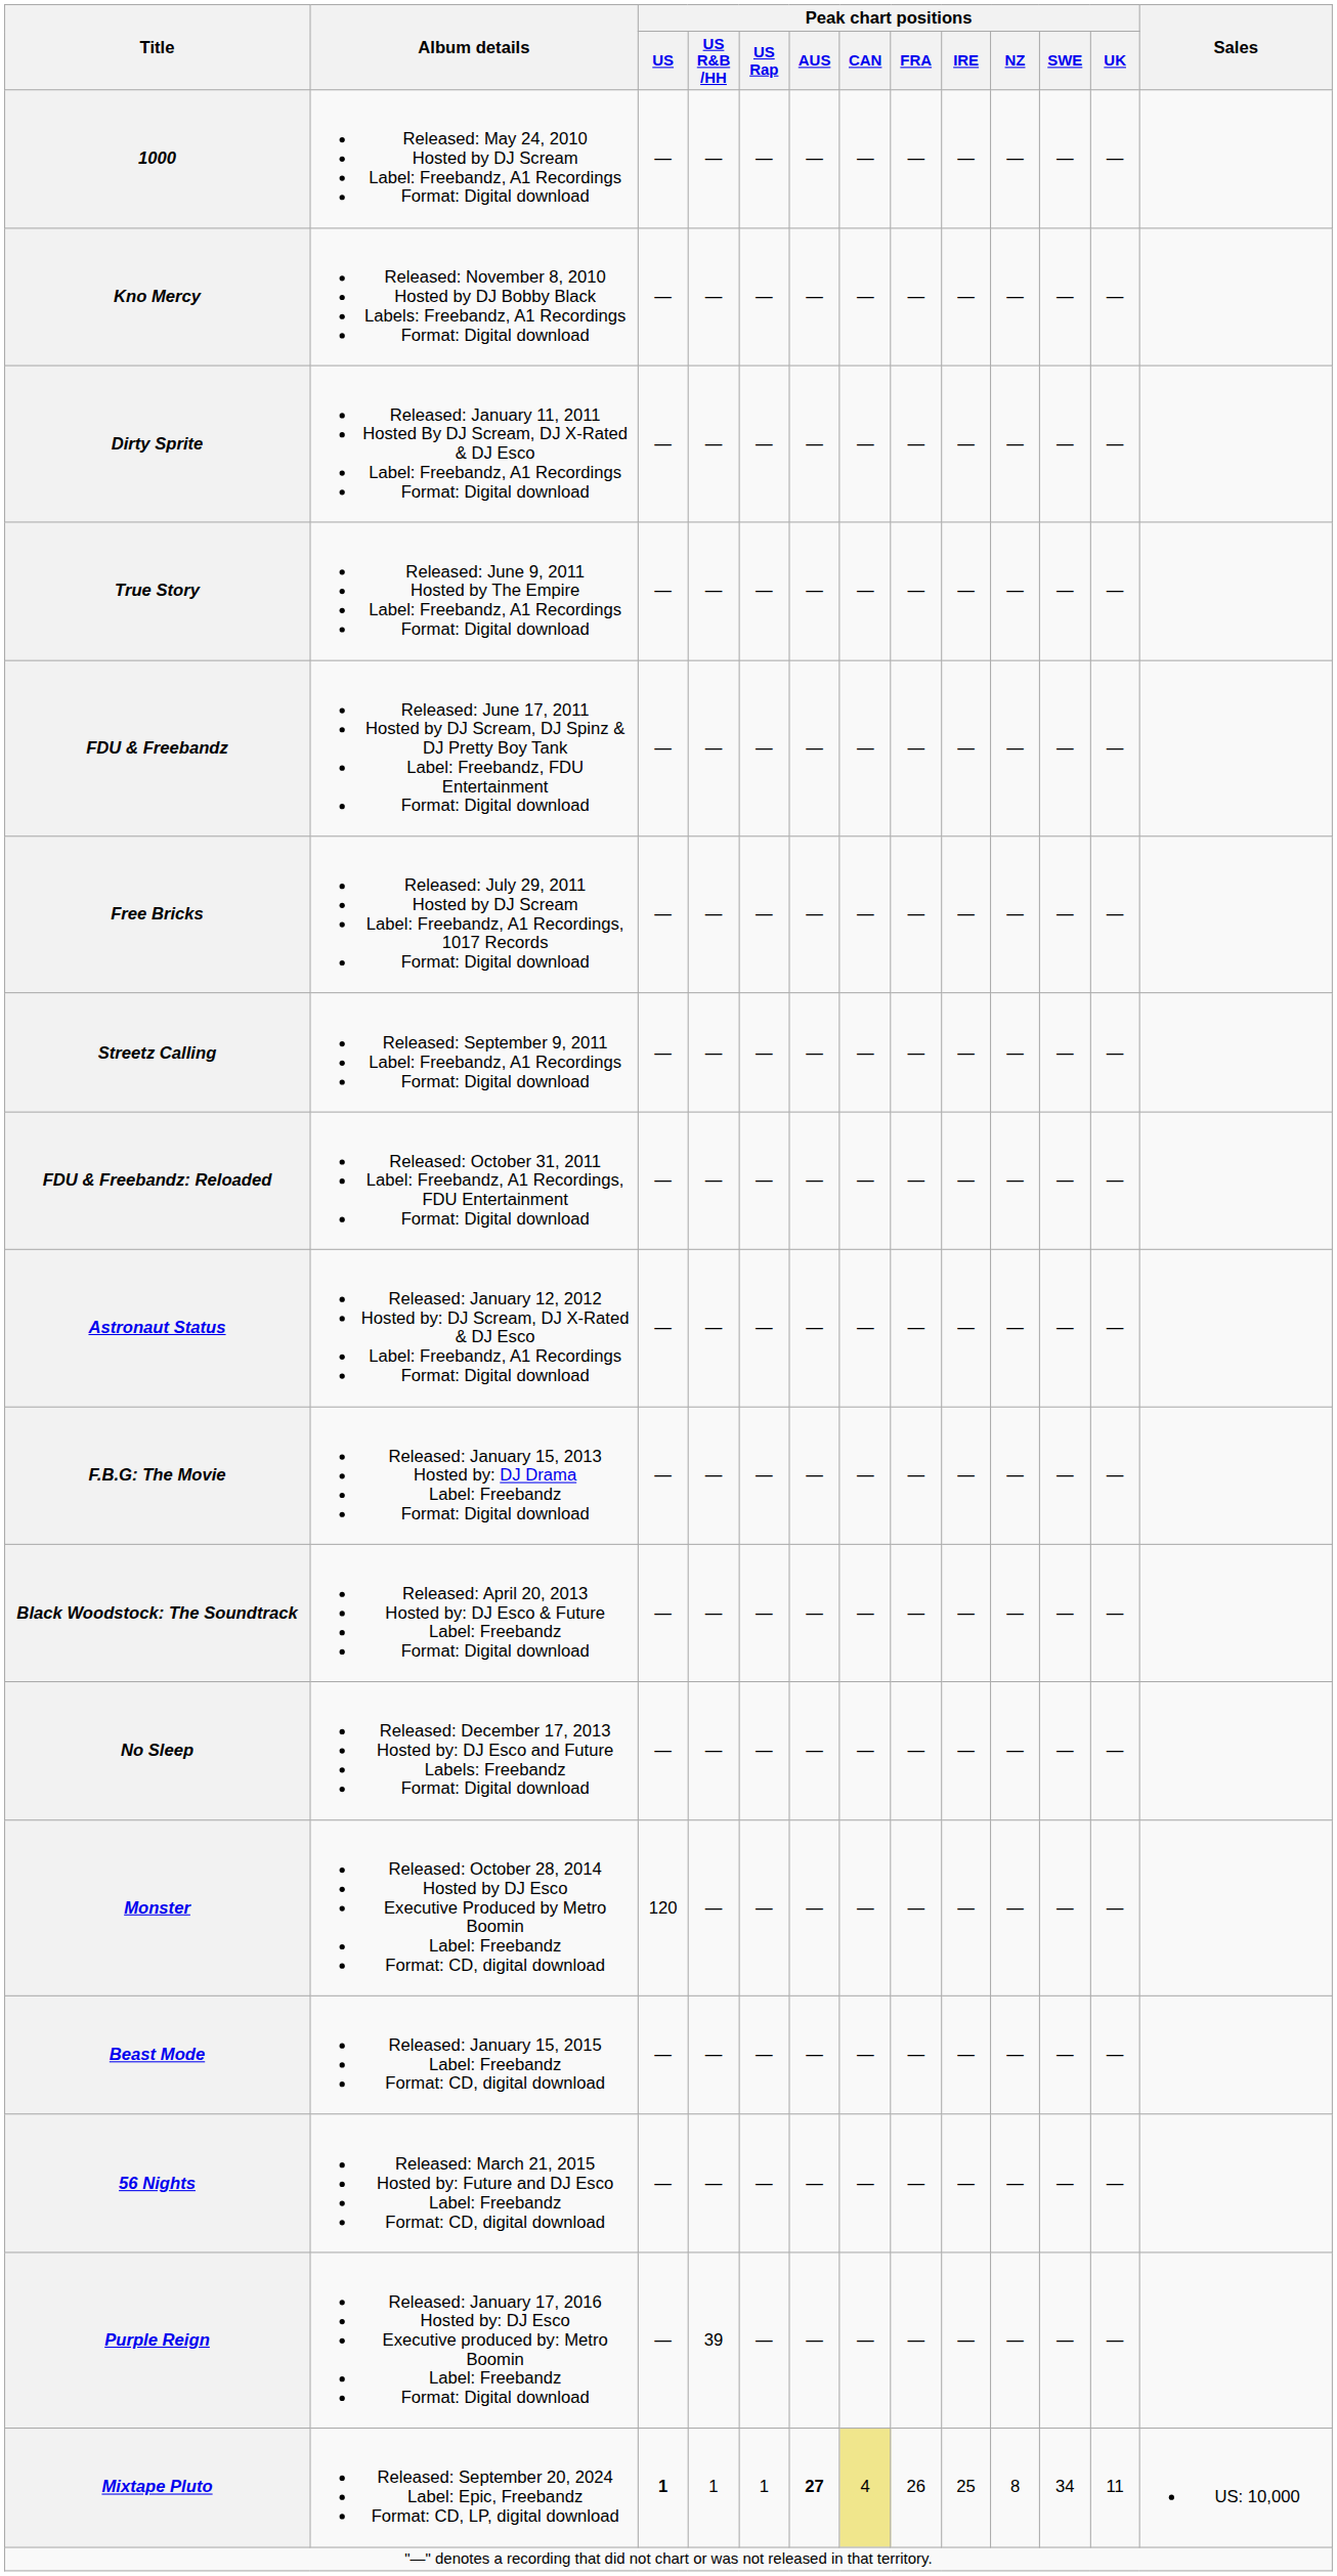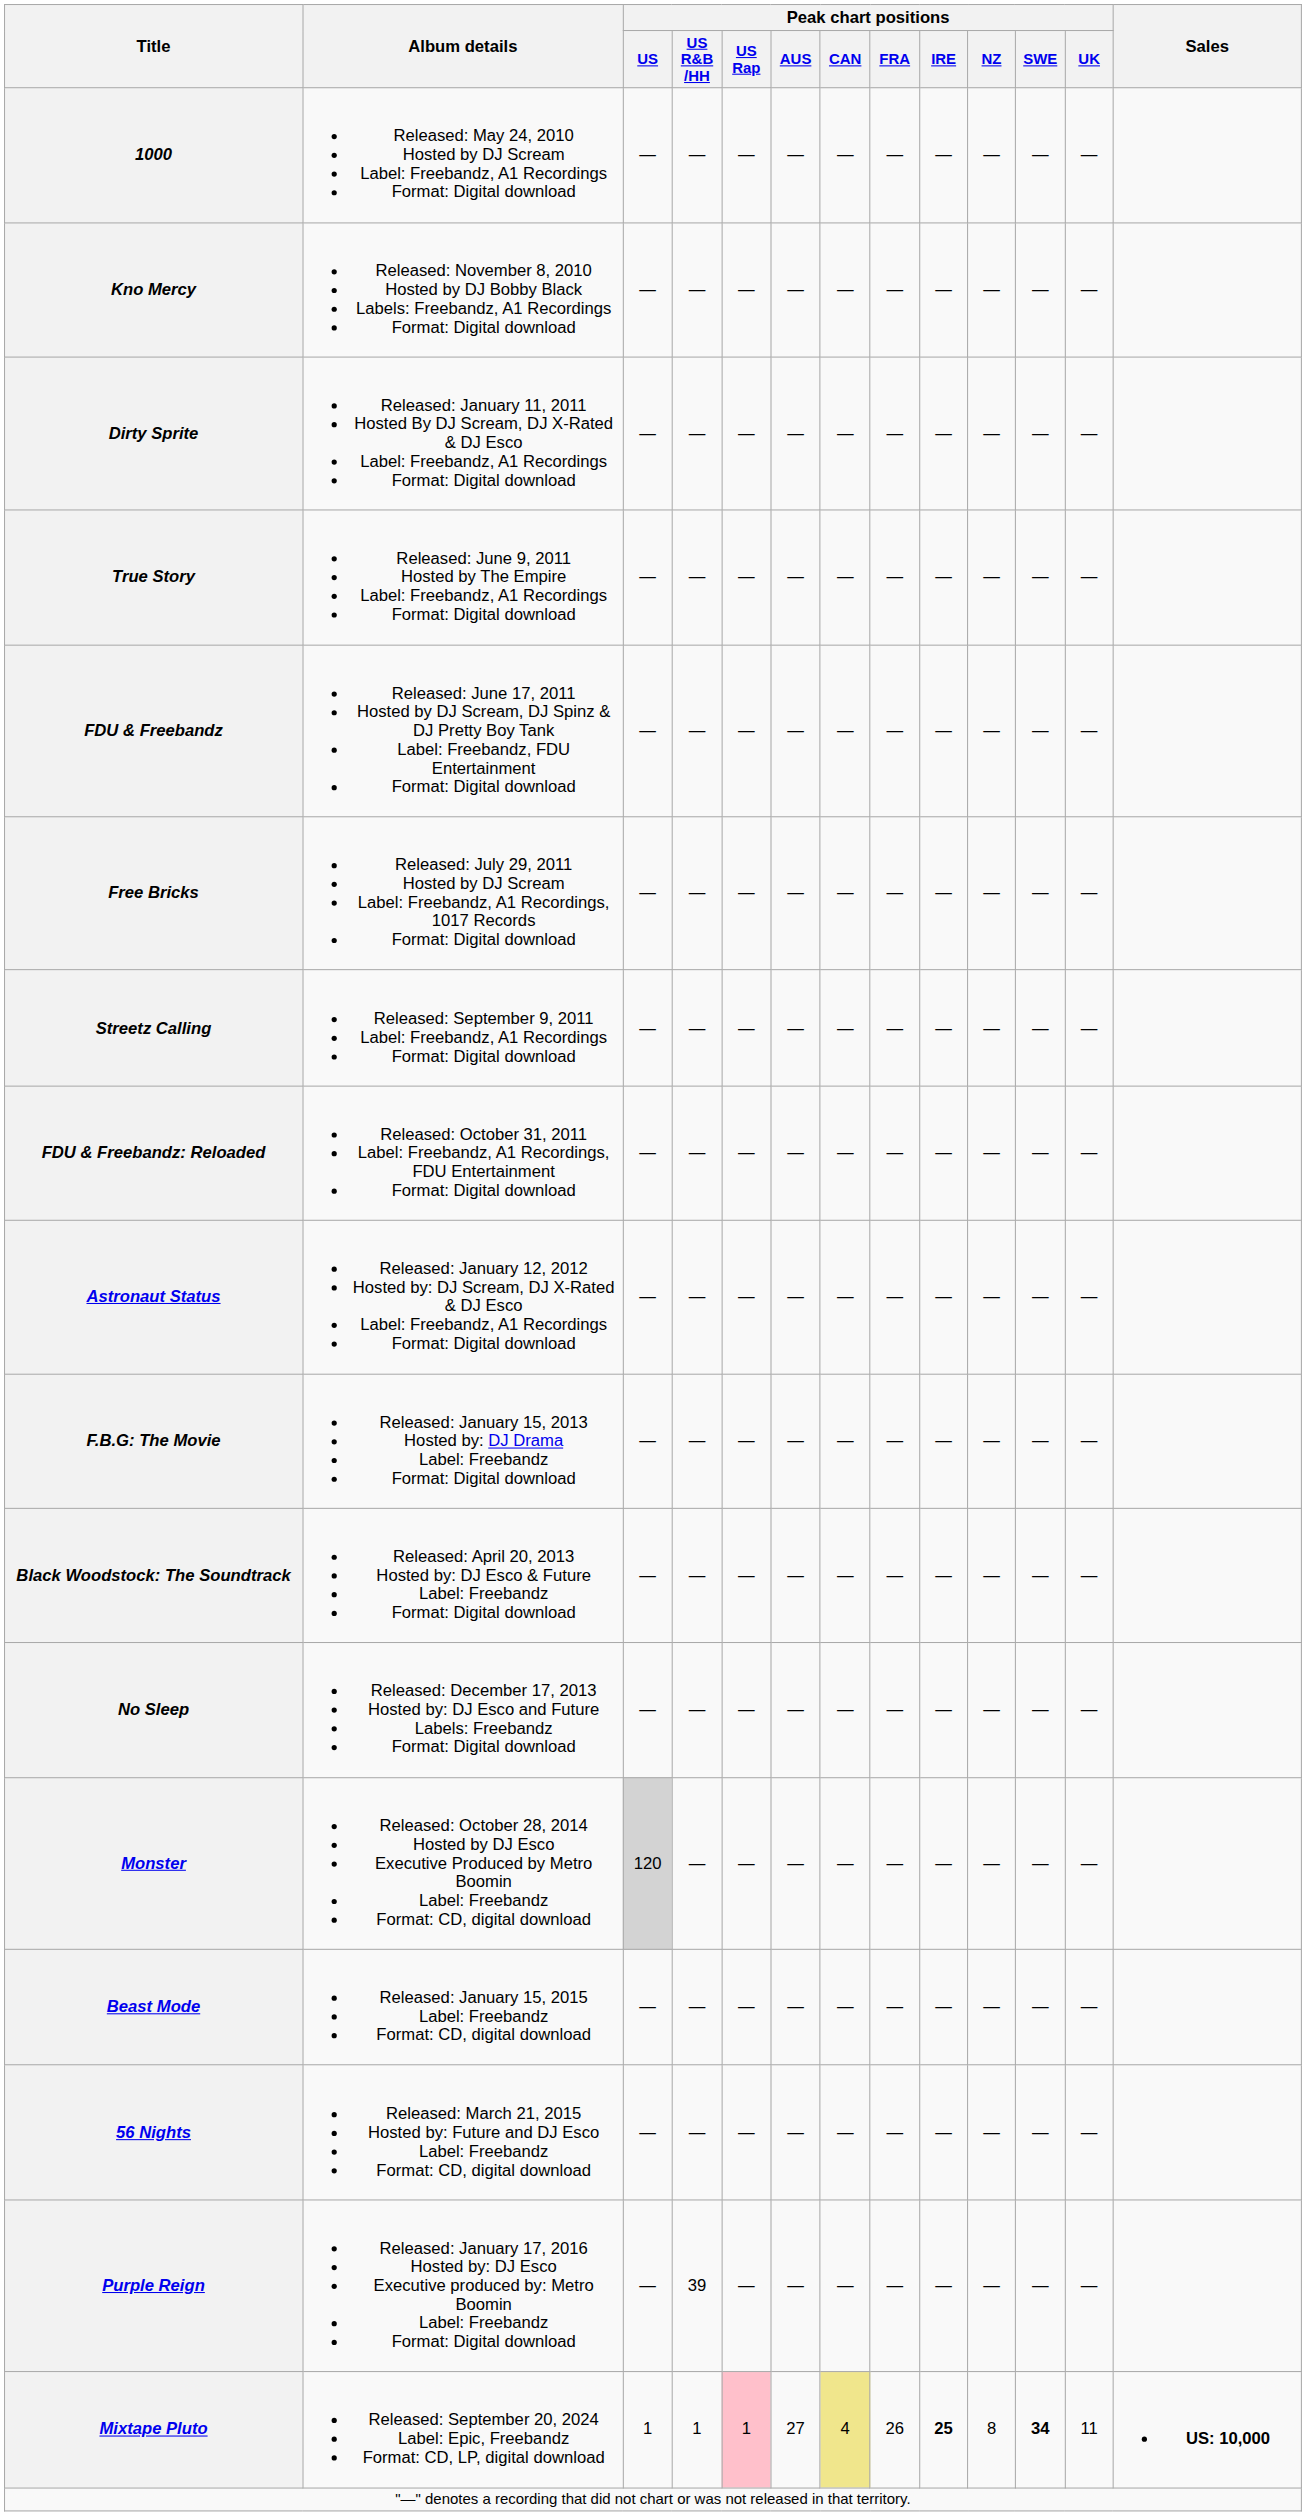 <table class="wikitable plainrowheaders" style="text-align:center;">
 <tr>
 <th scope="col" rowspan="2" style="width:20em;">Title</th>
 <th scope="col" rowspan="2" style="width:21em;">Album details</th>
 <th scope="col" colspan="10">Peak chart positions</th>
 <th scope="col" rowspan="2" style="width:12em;">Sales</th>
 </tr>
 <tr>
 <th scope="col" style="width:3em;font-size:90%;"><a href='#'>US</a><br></th>
 <th scope="col" style="width:3em;font-size:90%;"><a href='#'>US<br>R&B<br>/HH</a><br></th>
 <th scope="col" style="width:3em;font-size:90%;"><a href='#'>US<br>Rap</a><br></th>
 <th scope="col" style="width:3em;font-size:90%;"><a href='#'>AUS</a><br></th>
 <th scope="col" style="width:3em;font-size:90%;"><a href='#'>CAN</a><br></th>
 <th scope="col" style="width:3em;font-size:90%;"><a href='#'>FRA</a><br></th>
 <th scope="col" style="width:3em;font-size:90%;"><a href='#'>IRE</a><br></th>
 <th scope="col" style="width:3em;font-size:90%;"><a href='#'>NZ</a><br></th>
 <th scope="col" style="width:3em;font-size:90%;"><a href='#'>SWE</a><br></th>
 <th scope="col" style="width:3em;font-size:90%;"><a href='#'>UK</a><br></th>
 </tr>
 <tr>
 <th scope="row"><em>1000</em></th>
 <td><br><ul><li>Released: May 24, 2010</li><li>Hosted by DJ Scream</li><li>Label: Freebandz, A1 Recordings</li><li>Format: Digital download</li></ul></td>
 <td>—</td>
 <td>—</td>
 <td>—</td>
 <td>—</td>
 <td>—</td>
 <td>—</td>
 <td>—</td>
 <td>—</td>
 <td>—</td>
 <td>—</td>
 <td></td>
 </tr>
 <tr>
 <th scope="row"><em>Kno Mercy</em></th>
 <td><br><ul><li>Released: November 8, 2010</li><li>Hosted by DJ Bobby Black</li><li>Labels: Freebandz, A1 Recordings</li><li>Format: Digital download</li></ul></td>
 <td>—</td>
 <td>—</td>
 <td>—</td>
 <td>—</td>
 <td>—</td>
 <td>—</td>
 <td>—</td>
 <td>—</td>
 <td>—</td>
 <td>—</td>
 <td></td>
 </tr>
 <tr>
 <th scope="row"><em>Dirty Sprite</em></th>
 <td><br><ul><li>Released: January 11, 2011</li><li>Hosted By DJ Scream, DJ X-Rated & DJ Esco</li><li>Label: Freebandz, A1 Recordings</li><li>Format: Digital download</li></ul></td>
 <td>—</td>
 <td>—</td>
 <td>—</td>
 <td>—</td>
 <td>—</td>
 <td>—</td>
 <td>—</td>
 <td>—</td>
 <td>—</td>
 <td>—</td>
 <td></td>
 </tr>
 <tr>
 <th scope="row"><em>True Story</em></th>
 <td><br><ul><li>Released: June 9, 2011</li><li>Hosted by The Empire</li><li>Label: Freebandz, A1 Recordings</li><li>Format: Digital download</li></ul></td>
 <td>—</td>
 <td>—</td>
 <td>—</td>
 <td>—</td>
 <td>—</td>
 <td>—</td>
 <td>—</td>
 <td>—</td>
 <td>—</td>
 <td>—</td>
 <td></td>
 </tr>
 <tr>
 <th scope="row"><em>FDU & Freebandz</em><br></th>
 <td><br><ul><li>Released: June 17, 2011</li><li>Hosted by DJ Scream, DJ Spinz & DJ Pretty Boy Tank</li><li>Label: Freebandz, FDU Entertainment</li><li>Format: Digital download</li></ul></td>
 <td>—</td>
 <td>—</td>
 <td>—</td>
 <td>—</td>
 <td>—</td>
 <td>—</td>
 <td>—</td>
 <td>—</td>
 <td>—</td>
 <td>—</td>
 <td></td>
 </tr>
 <tr>
 <th scope="row"><em>Free Bricks</em><br></th>
 <td><br><ul><li>Released: July 29, 2011</li><li>Hosted by DJ Scream</li><li>Label: Freebandz, A1 Recordings, 1017 Records</li><li>Format: Digital download</li></ul></td>
 <td>—</td>
 <td>—</td>
 <td>—</td>
 <td>—</td>
 <td>—</td>
 <td>—</td>
 <td>—</td>
 <td>—</td>
 <td>—</td>
 <td>—</td>
 <td></td>
 </tr>
 <tr>
 <th scope="row"><em>Streetz Calling</em></th>
 <td><br><ul><li>Released: September 9, 2011</li><li>Label: Freebandz, A1 Recordings</li><li>Format: Digital download</li></ul></td>
 <td>—</td>
 <td>—</td>
 <td>—</td>
 <td>—</td>
 <td>—</td>
 <td>—</td>
 <td>—</td>
 <td>—</td>
 <td>—</td>
 <td>—</td>
 <td></td>
 </tr>
 <tr>
 <th scope="row"><em>FDU & Freebandz: Reloaded</em><br></th>
 <td><br><ul><li>Released: October 31, 2011</li><li>Label: Freebandz, A1 Recordings, FDU Entertainment</li><li>Format: Digital download</li></ul></td>
 <td>—</td>
 <td>—</td>
 <td>—</td>
 <td>—</td>
 <td>—</td>
 <td>—</td>
 <td>—</td>
 <td>—</td>
 <td>—</td>
 <td>—</td>
 <td></td>
 </tr>
 <tr>
 <th scope="row"><em><a href='#'>Astronaut Status</a></em></th>
 <td><br><ul><li>Released: January 12, 2012</li><li>Hosted by: DJ Scream, DJ X-Rated & DJ Esco</li><li>Label: Freebandz, A1 Recordings</li><li>Format: Digital download</li></ul></td>
 <td>—</td>
 <td>—</td>
 <td>—</td>
 <td>—</td>
 <td>—</td>
 <td>—</td>
 <td>—</td>
 <td>—</td>
 <td>—</td>
 <td>—</td>
 <td></td>
 </tr>
 <tr>
 <th scope="row"><em>F.B.G: The Movie</em><br></th>
 <td><br><ul><li>Released: January 15, 2013</li><li>Hosted by: <a href='#'>DJ Drama</a></li><li>Label: Freebandz</li><li>Format: Digital download</li></ul></td>
 <td>—</td>
 <td>—</td>
 <td>—</td>
 <td>—</td>
 <td>—</td>
 <td>—</td>
 <td>—</td>
 <td>—</td>
 <td>—</td>
 <td>—</td>
 <td></td>
 </tr>
 <tr>
 <th scope="row"><em>Black Woodstock: The Soundtrack</em><br></th>
 <td><br><ul><li>Released: April 20, 2013</li><li>Hosted by: DJ Esco & Future</li><li>Label: Freebandz</li><li>Format: Digital download</li></ul></td>
 <td>—</td>
 <td>—</td>
 <td>—</td>
 <td>—</td>
 <td>—</td>
 <td>—</td>
 <td>—</td>
 <td>—</td>
 <td>—</td>
 <td>—</td>
 <td></td>
 </tr>
 <tr>
 <th scope="row"><em>No Sleep</em><br></th>
 <td><br><ul><li>Released: December 17, 2013</li><li>Hosted by: DJ Esco and Future</li><li>Labels: Freebandz</li><li>Format: Digital download</li></ul></td>
 <td>—</td>
 <td>—</td>
 <td>—</td>
 <td>—</td>
 <td>—</td>
 <td>—</td>
 <td>—</td>
 <td>—</td>
 <td>—</td>
 <td>—</td>
 <td></td>
 </tr>
 <tr>
 <th scope="row"><em><a href='#'>Monster</a></em></th>
 <td><br><ul><li>Released: October 28, 2014</li><li>Hosted by DJ Esco</li><li>Executive Produced by Metro Boomin</li><li>Label: Freebandz</li><li>Format: CD, digital download</li></ul></td>
-<td>120</td>
+<td style="background: lightgrey;">120</td>
 <td>—</td>
 <td>—</td>
 <td>—</td>
 <td>—</td>
 <td>—</td>
 <td>—</td>
 <td>—</td>
 <td>—</td>
 <td>—</td>
 <td></td>
 </tr>
 <tr>
 <th scope="row"><em><a href='#'>Beast Mode</a></em><br></th>
 <td><br><ul><li>Released: January 15, 2015</li><li>Label: Freebandz</li><li>Format: CD, digital download</li></ul></td>
 <td>—</td>
 <td>—</td>
 <td>—</td>
 <td>—</td>
 <td>—</td>
 <td>—</td>
 <td>—</td>
 <td>—</td>
 <td>—</td>
 <td>—</td>
 <td></td>
 </tr>
 <tr>
 <th scope="row"><em><a href='#'>56 Nights</a></em><br></th>
 <td><br><ul><li>Released: March 21, 2015</li><li>Hosted by: Future and DJ Esco</li><li>Label: Freebandz</li><li>Format: CD, digital download</li></ul></td>
 <td>—</td>
 <td>—</td>
 <td>—</td>
 <td>—</td>
 <td>—</td>
 <td>—</td>
 <td>—</td>
 <td>—</td>
 <td>—</td>
 <td>—</td>
 <td></td>
 </tr>
 <tr>
 <th scope="row"><em><a href='#'>Purple Reign</a></em></th>
 <td><br><ul><li>Released: January 17, 2016</li><li>Hosted by: DJ Esco</li><li>Executive produced by: Metro Boomin</li><li>Label: Freebandz</li><li>Format: Digital download</li></ul></td>
 <td>—</td>
 <td>39</td>
 <td>—</td>
 <td>—</td>
 <td>—</td>
 <td>—</td>
 <td>—</td>
 <td>—</td>
 <td>—</td>
 <td>—</td>
 <td></td>
 </tr>
 <tr>
 <th scope="row"><em><a href='#'>Mixtape Pluto</a></em></th>
 <td><br><ul><li>Released: September 20, 2024</li><li>Label: Epic, Freebandz</li><li>Format: CD, LP, digital download</li></ul></td>
-<td><strong>1</strong></td>
 <td>1</td>
 <td>1</td>
-<td><strong>27<br></strong></td>
+<td style="background: pink;">1</td>
+<td>27<br></td>
 <td style="background: khaki;">4</td>
 <td>26</td>
-<td>25</td>
+<td><strong>25</strong></td>
 <td>8<br></td>
-<td>34<br></td>
+<td><strong>34<br></strong></td>
 <td>11</td>
-<td><br><ul><li>US: 10,000</li></ul></td>
+<td><strong><br><ul><li>US: 10,000</li></ul></strong></td>
 </tr>
 <tr>
 <td colspan="16" style="font-size:90%">"—" denotes a recording that did not chart or was not released in that territory.</td>
 </tr>
 </table>
